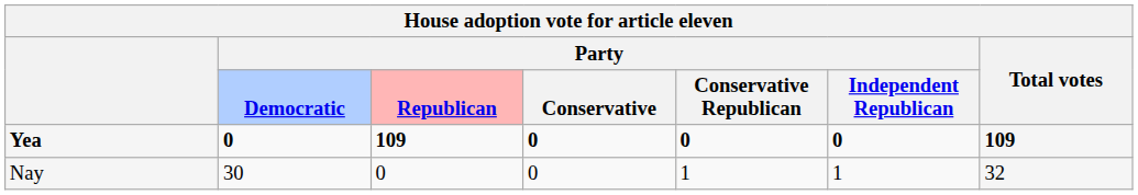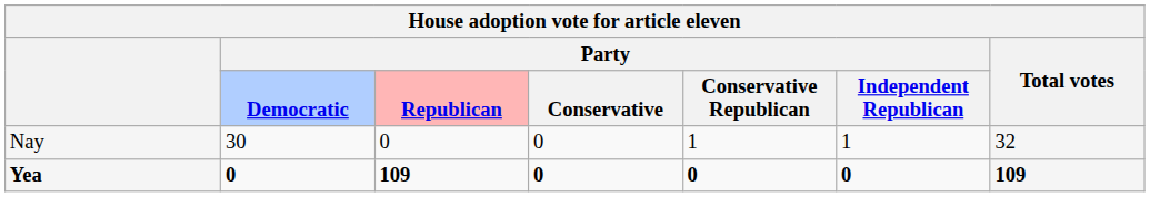 <table class="wikitable">
 <tr>
 <th colspan=7>House adoption vote for article eleven</th>
 </tr>
 <tr>
 <th rowspan=2></th>
 <th colspan=5>Party</th>
 <th rowspan=2>Total votes</th>
 </tr>
 <tr style="vertical-align:bottom;">
 <th style="background:#b0ceff;"><a href='#'>Democratic</a></th>
 <th style="background:#ffb6b6;"><a href='#'>Republican</a></th>
 <th>Conservative</th>
 <th>Conservative Republican</th>
 <th><a href='#'>Independent Republican</a></th>
 </tr>
 <tr>
+<td style="background:#F5F5F5">Nay</td>
+<td>30</td>
+<td>0</td>
+<td>0</td>
+<td>1</td>
+<td>1</td>
+<td style="background:#F5F5F5">32</td>
+</tr>
+<tr>
 <td style="width: 10em; background:#F5F5F5"><strong>Yea</strong></td>
 <td style="width: 7em;"><strong>0</strong></td>
 <td style="width: 7em;"><strong>109</strong></td>
 <td style="width: 7em;"><strong>0</strong></td>
 <td style="width: 7em;"><strong>0</strong></td>
 <td style="width: 7em;"><strong>0</strong></td>
 <td style="width: 7em; background:#F5F5F5"><strong>109</strong></td>
 </tr>
-<tr>
-<td style="background:#F5F5F5">Nay</td>
-<td>30</td>
-<td>0</td>
-<td>0</td>
-<td>1</td>
-<td>1</td>
-<td style="background:#F5F5F5">32</td>
-</tr>
 </table>
